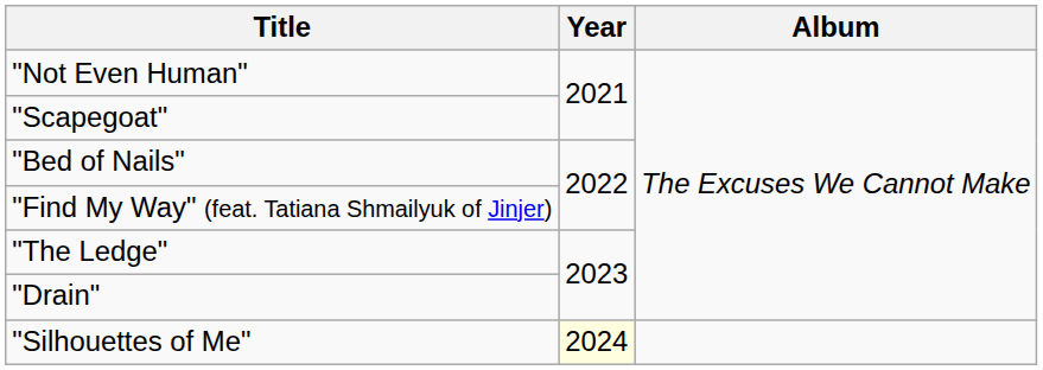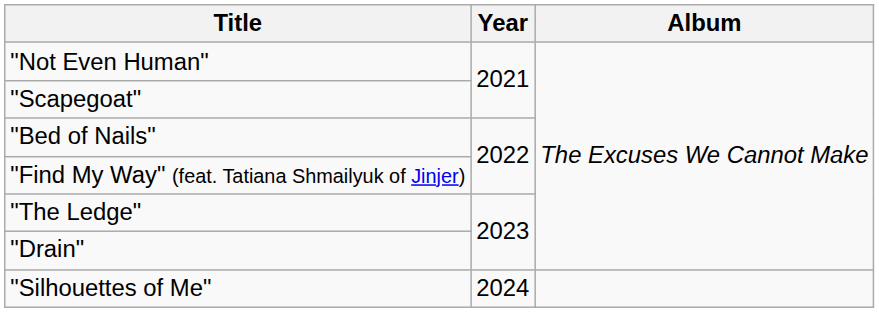 <table class="wikitable">
 <tr>
 <th>Title</th>
 <th>Year</th>
 <th>Album</th>
 </tr>
 <tr>
 <td>"Not Even Human" </td>
 <td rowspan="2">2021</td>
 <td rowspan="6"><em>The Excuses We Cannot Make</em></td>
 </tr>
 <tr>
 <td>"Scapegoat" </td>
 </tr>
 <tr>
 <td>"Bed of Nails" </td>
 <td rowspan="2">2022</td>
 </tr>
 <tr>
 <td>"Find My Way" <small>(feat. Tatiana Shmailyuk of <a href='#'>Jinjer</a>)</small> </td>
 </tr>
 <tr>
 <td>"The Ledge" </td>
 <td rowspan="2">2023</td>
 </tr>
 <tr>
 <td>"Drain" </td>
 </tr>
 <tr>
 <td>"Silhouettes of Me"</td>
-<td rowspan="1" style="background: lightyellow;">2024</td>
+<td rowspan="1">2024</td>
 <td></td>
 </tr>
 </table>
